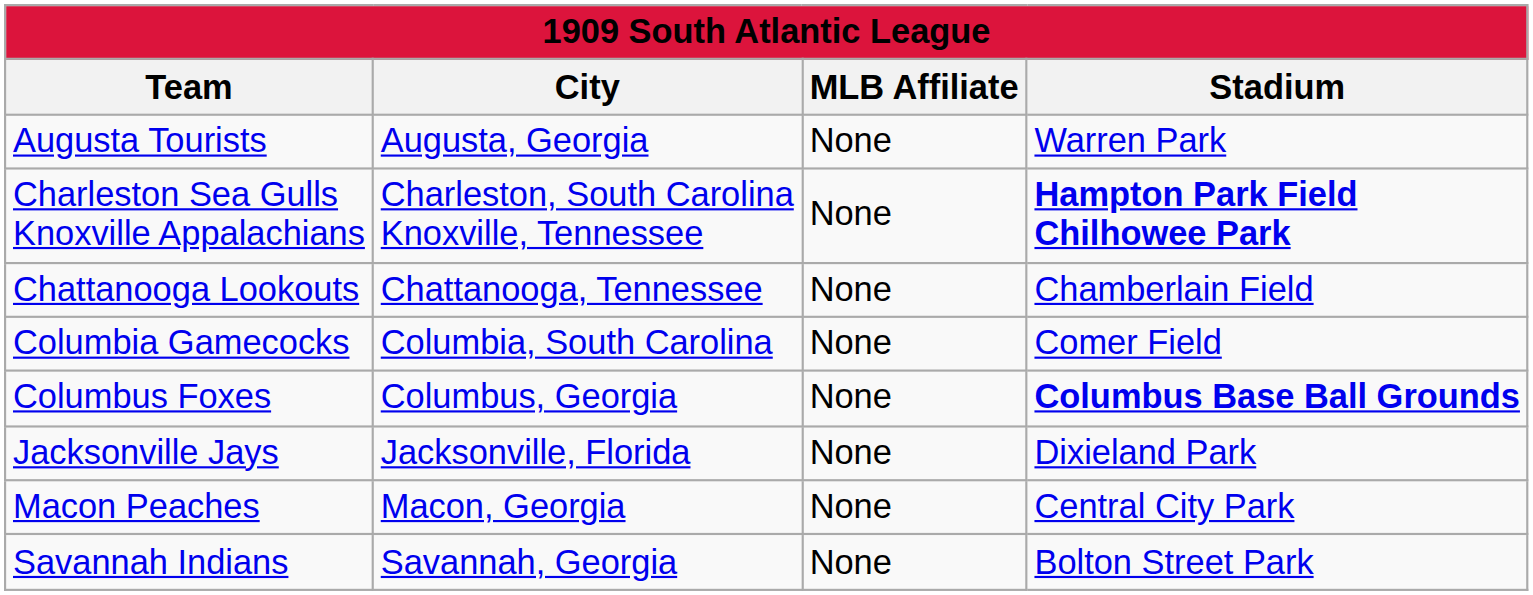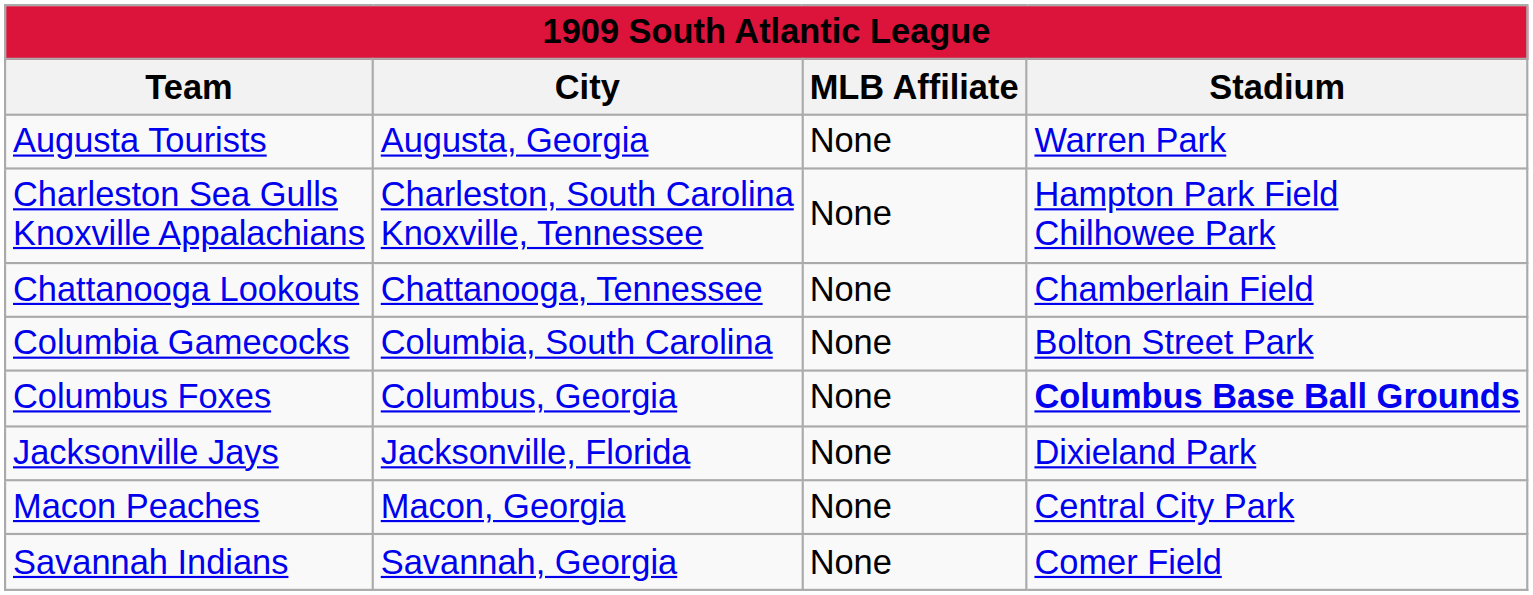 <table class="wikitable" style="width:auto">
 <tr>
 <td bgcolor="#DC143C" align="center" colspan="7"><strong><span>1909 South Atlantic League</span></strong></td>
 </tr>
 <tr>
 <th>Team</th>
 <th>City</th>
 <th>MLB Affiliate</th>
 <th>Stadium</th>
 </tr>
 <tr>
 <td><a href='#'>Augusta Tourists</a></td>
 <td><a href='#'>Augusta, Georgia</a></td>
 <td>None</td>
 <td><a href='#'>Warren Park</a></td>
 </tr>
 <tr>
 <td><a href='#'>Charleston Sea Gulls</a> <br> <a href='#'>Knoxville Appalachians</a></td>
 <td><a href='#'>Charleston, South Carolina</a> <br> <a href='#'>Knoxville, Tennessee</a></td>
 <td>None</td>
-<td><strong><a href='#'>Hampton Park Field</a> <br> <a href='#'>Chilhowee Park</a></strong></td>
+<td><a href='#'>Hampton Park Field</a> <br> <a href='#'>Chilhowee Park</a></td>
 </tr>
 <tr>
 <td><a href='#'>Chattanooga Lookouts</a></td>
 <td><a href='#'>Chattanooga, Tennessee</a></td>
 <td>None</td>
 <td><a href='#'>Chamberlain Field</a></td>
 </tr>
 <tr>
 <td><a href='#'>Columbia Gamecocks</a></td>
 <td><a href='#'>Columbia, South Carolina</a></td>
 <td>None</td>
-<td><a href='#'>Comer Field</a></td>
+<td><a href='#'>Bolton Street Park</a></td>
 </tr>
 <tr>
 <td><a href='#'>Columbus Foxes</a></td>
 <td><a href='#'>Columbus, Georgia</a></td>
 <td>None</td>
 <td><strong><a href='#'>Columbus Base Ball Grounds</a></strong></td>
 </tr>
 <tr>
 <td><a href='#'>Jacksonville Jays</a></td>
 <td><a href='#'>Jacksonville, Florida</a></td>
 <td>None</td>
 <td><a href='#'>Dixieland Park</a></td>
 </tr>
 <tr>
 <td><a href='#'>Macon Peaches</a></td>
 <td><a href='#'>Macon, Georgia</a></td>
 <td>None</td>
 <td><a href='#'>Central City Park</a></td>
 </tr>
 <tr>
 <td><a href='#'>Savannah Indians</a></td>
 <td><a href='#'>Savannah, Georgia</a></td>
 <td>None</td>
-<td><a href='#'>Bolton Street Park</a></td>
+<td><a href='#'>Comer Field</a></td>
 </tr>
 </table>
